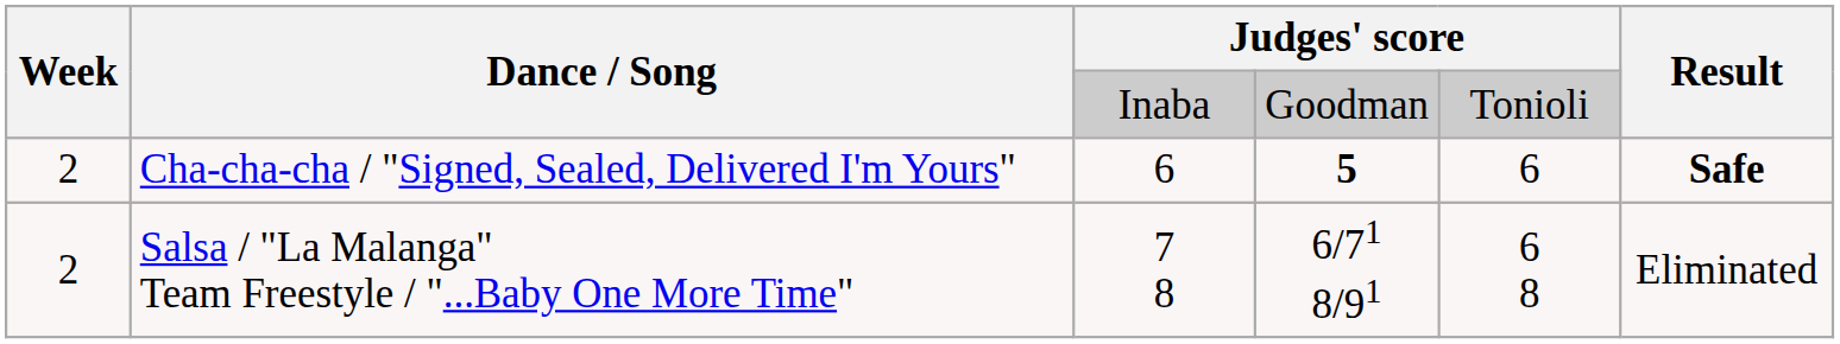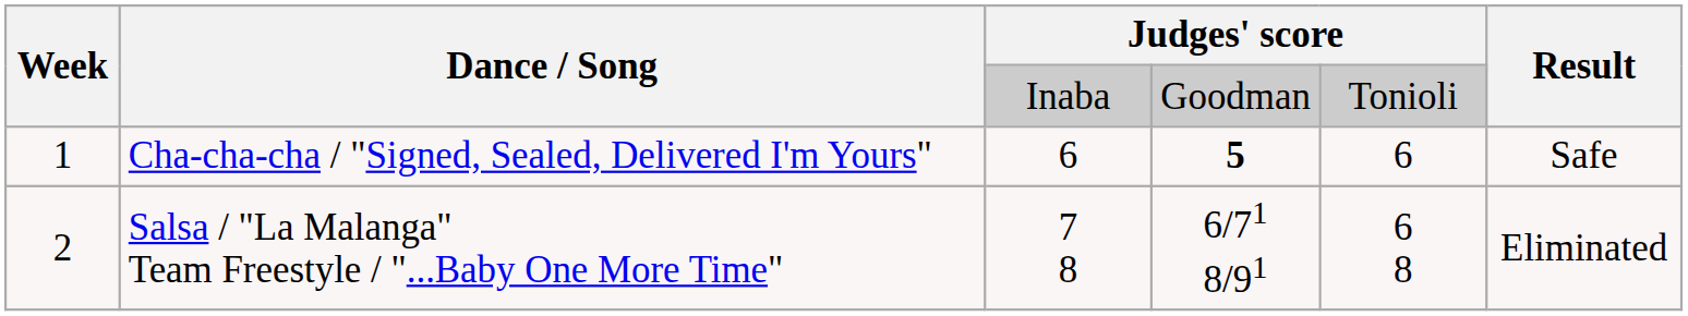 <table class="wikitable" style="text-align:center;">
 <tr style="text-align:center;">
 <th rowspan="2" bgcolor="#CCCCCC" align="Center">Week</th>
 <th rowspan="2" bgcolor="#CCCCCC" align="Center">Dance / Song</th>
 <th colspan="3" bgcolor="#CCCCCC" align="Center">Judges' score</th>
 <th rowspan="2" bgcolor="#CCCCCC" align="Center">Result</th>
 </tr>
 <tr>
 <td bgcolor="#CCCCCC" width="10%" align="center">Inaba</td>
 <td bgcolor="#CCCCCC" width="10%" align="center">Goodman</td>
 <td bgcolor="#CCCCCC" width="10%" align="center">Tonioli</td>
 </tr>
 <tr>
-<td bgcolor="#FAF6F6">2</td>
+<td bgcolor="#FAF6F6">1</td>
 <td align="left" bgcolor="#FAF6F6"><a href='#'>Cha-cha-cha</a> / "<a href='#'>Signed, Sealed, Delivered I'm Yours</a>"</td>
 <td bgcolor="#FAF6F6">6</td>
 <td bgcolor="#FAF6F6"><strong>5</strong></td>
 <td bgcolor="#FAF6F6">6</td>
-<td bgcolor="#FAF6F6"><strong>Safe</strong></td>
+<td bgcolor="#FAF6F6">Safe</td>
 </tr>
 <tr>
 <td bgcolor="#FAF6F6">2</td>
 <td align="left" bgcolor="FAF6F6"><a href='#'>Salsa</a> / "La Malanga"<br>Team Freestyle / "<a href='#'>...Baby One More Time</a>"</td>
 <td bgcolor="#FAF6F6">7<br>8</td>
 <td bgcolor="#FAF6F6">6/7<sup>1</sup><br>8/9<sup>1</sup></td>
 <td bgcolor="#FAF6F6">6<br>8</td>
 <td bgcolor="#FAF6F6">Eliminated</td>
 </tr>
 </table>
